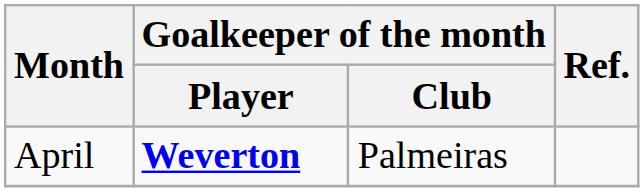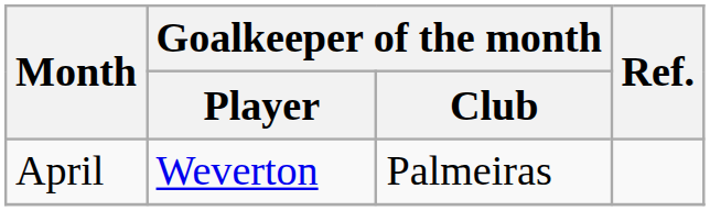 <table class="wikitable">
 <tr>
 <th rowspan="2">Month</th>
 <th colspan="2">Goalkeeper of the month</th>
 <th rowspan="2">Ref.</th>
 </tr>
 <tr>
 <th>Player</th>
 <th>Club</th>
 </tr>
 <tr>
 <td>April</td>
-<td><strong> <a href='#'>Weverton</a></strong></td>
+<td> <a href='#'>Weverton</a></td>
 <td>Palmeiras</td>
 <td align="center"></td>
 </tr>
 <tr>
 </tr>
 </table>
